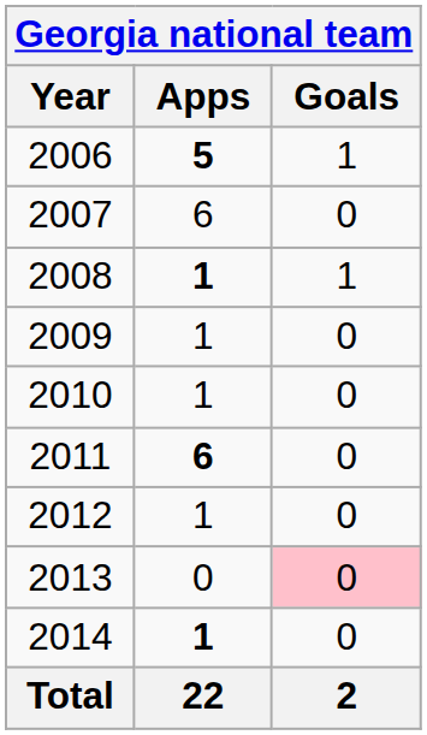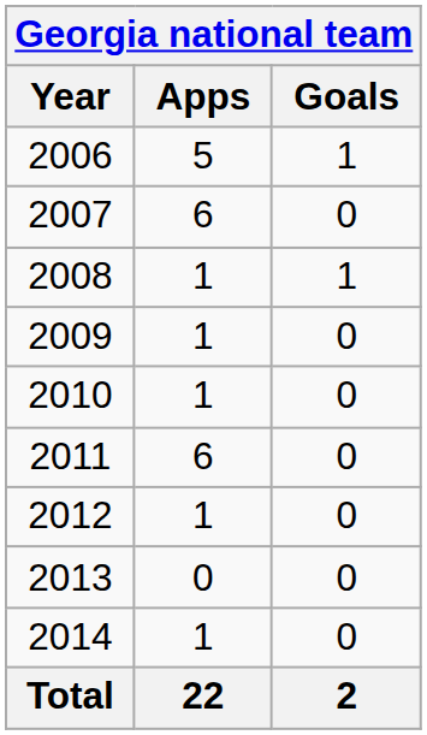 <table class="wikitable" style="text-align:center">
 <tr>
 <th colspan="3"><a href='#'>Georgia national team</a></th>
 </tr>
 <tr>
 <th>Year</th>
 <th>Apps</th>
 <th>Goals</th>
 </tr>
 <tr>
 <td>2006</td>
-<td><strong>5</strong></td>
+<td>5</td>
 <td>1</td>
 </tr>
 <tr>
 <td>2007</td>
 <td>6</td>
 <td>0</td>
 </tr>
 <tr>
 <td>2008</td>
-<td><strong>1</strong></td>
+<td>1</td>
 <td>1</td>
 </tr>
 <tr>
 <td>2009</td>
 <td>1</td>
 <td>0</td>
 </tr>
 <tr>
 <td>2010</td>
 <td>1</td>
 <td>0</td>
 </tr>
 <tr>
 <td>2011</td>
-<td><strong>6</strong></td>
+<td>6</td>
 <td>0</td>
 </tr>
 <tr>
 <td>2012</td>
 <td>1</td>
 <td>0</td>
 </tr>
 <tr>
 <td>2013</td>
 <td>0</td>
-<td style="background: pink;">0</td>
+<td>0</td>
 </tr>
 <tr>
 <td>2014</td>
-<td><strong>1</strong></td>
+<td>1</td>
 <td>0</td>
 </tr>
 <tr>
 <th>Total</th>
 <th>22</th>
 <th>2</th>
 </tr>
 </table>
